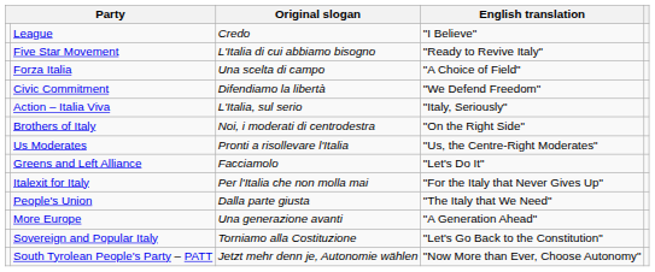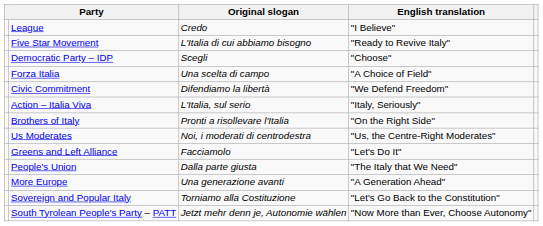 <table class=wikitable style=text-align:left>
 <tr>
 <th colspan=2>Party</th>
 <th>Original slogan</th>
 <th>English translation</th>
 <th></th>
 </tr>
 <tr>
 <td></td>
 <td><a href='#'>League</a></td>
 <td><em>Credo</em></td>
 <td>"I Believe"</td>
 <td></td>
 </tr>
 <tr>
 <td></td>
 <td><a href='#'>Five Star Movement</a></td>
 <td><em>L'Italia di cui abbiamo bisogno</em></td>
 <td>"Ready to Revive Italy"</td>
+<td></td>
+</tr>
+<tr>
+<td></td>
+<td><a href='#'>Democratic Party – IDP</a></td>
+<td><em>Scegli</em></td>
+<td>"Choose"</td>
 <td></td>
 </tr>
 <tr>
 <td></td>
 <td><a href='#'>Forza Italia</a></td>
 <td><em>Una scelta di campo</em></td>
 <td>"A Choice of Field"</td>
 <td></td>
 </tr>
 <tr>
 <td></td>
 <td><a href='#'>Civic Commitment</a></td>
 <td><em>Difendiamo la libertà</em></td>
 <td>"We Defend Freedom"</td>
 <td></td>
 </tr>
 <tr>
 <td></td>
 <td><a href='#'>Action – Italia Viva</a></td>
 <td><em>L'Italia, sul serio</em></td>
 <td>"Italy, Seriously"</td>
 <td></td>
 </tr>
 <tr>
 <td></td>
 <td><a href='#'>Brothers of Italy</a></td>
-<td><em>Noi, i moderati di centrodestra</em></td>
+<td><em>Pronti a risollevare l'Italia</em></td>
 <td>"On the Right Side"</td>
 <td></td>
 </tr>
 <tr>
 <td></td>
 <td><a href='#'>Us Moderates</a></td>
-<td><em>Pronti a risollevare l'Italia</em></td>
+<td><em>Noi, i moderati di centrodestra</em></td>
 <td>"Us, the Centre-Right Moderates"</td>
 <td></td>
 </tr>
 <tr>
 <td></td>
 <td><a href='#'>Greens and Left Alliance</a></td>
 <td><em>Facciamolo</em></td>
 <td>"Let's Do It"</td>
-<td></td>
-</tr>
-<tr>
-<td></td>
-<td><a href='#'>Italexit for Italy</a></td>
-<td><em>Per l'Italia che non molla mai</em></td>
-<td>"For the Italy that Never Gives Up"</td>
 <td></td>
 </tr>
 <tr>
 <td></td>
 <td><a href='#'>People's Union</a></td>
 <td><em>Dalla parte giusta</em></td>
 <td>"The Italy that We Need"</td>
 <td></td>
 </tr>
 <tr>
 <td></td>
 <td><a href='#'>More Europe</a></td>
 <td><em>Una generazione avanti</em></td>
 <td>"A Generation Ahead"</td>
 <td></td>
 </tr>
 <tr>
 <td></td>
 <td><a href='#'>Sovereign and Popular Italy</a></td>
 <td><em>Torniamo alla Costituzione</em></td>
 <td>"Let's Go Back to the Constitution"</td>
 <td></td>
 </tr>
 <tr>
 <td></td>
 <td><a href='#'>South Tyrolean People's Party</a> – <a href='#'>PATT</a></td>
 <td><em>Jetzt mehr denn je, Autonomie wählen</em></td>
 <td>"Now More than Ever, Choose Autonomy"</td>
 <td></td>
 </tr>
 </table>
